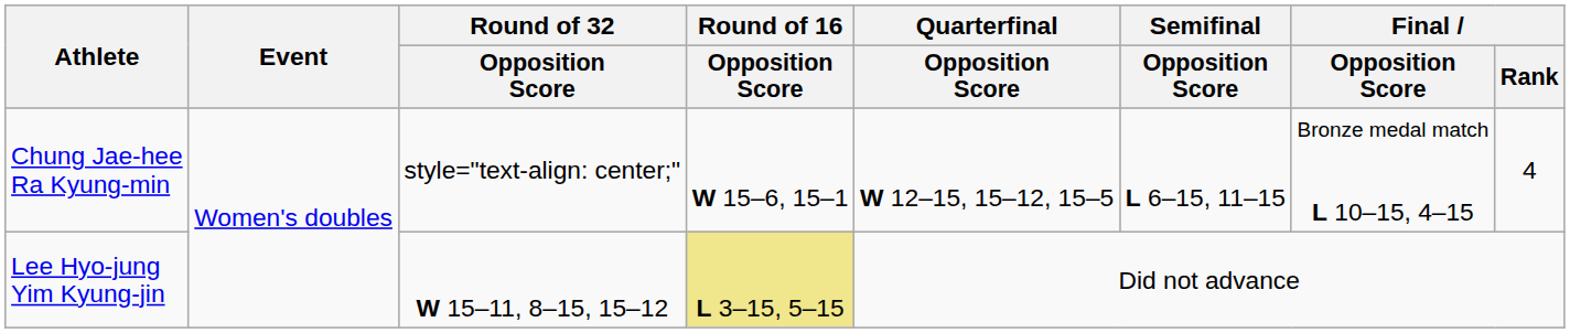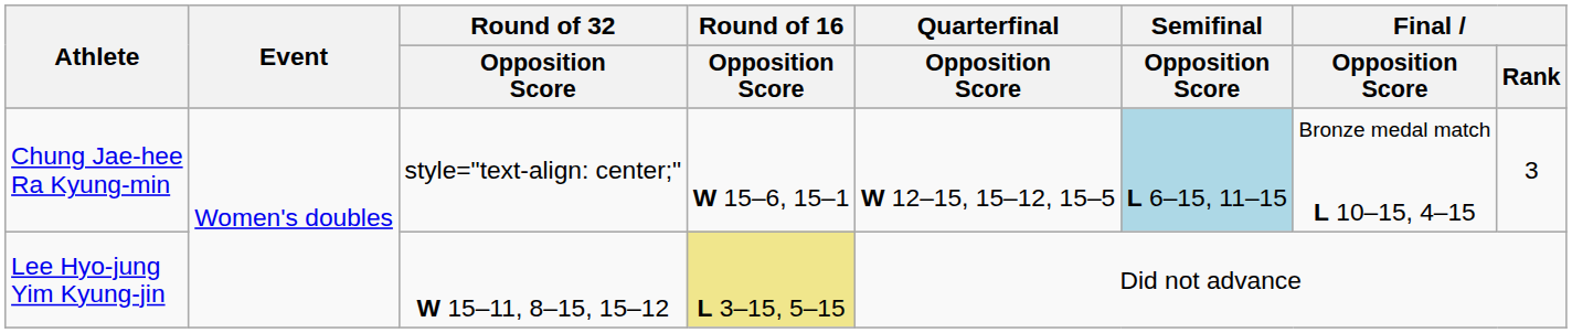 <table class=wikitable style="font-size:90%">
 <tr>
 <th rowspan="2">Athlete</th>
 <th rowspan="2">Event</th>
 <th>Round of 32</th>
 <th>Round of 16</th>
 <th>Quarterfinal</th>
 <th>Semifinal</th>
 <th colspan=2>Final / </th>
 </tr>
 <tr style="font-size:95%">
 <th>Opposition<br>Score</th>
 <th>Opposition<br>Score</th>
 <th>Opposition<br>Score</th>
 <th>Opposition<br>Score</th>
 <th>Opposition<br>Score</th>
 <th>Rank</th>
 </tr>
 <tr>
 <td style="text-align: left;"><a href='#'>Chung Jae-hee</a><br> <a href='#'>Ra Kyung-min</a></td>
 <td rowspan=2 style="text-align: left;"><a href='#'>Women's doubles</a></td>
 <td>style="text-align: center;" </td>
 <td style="text-align: center;"><br><br><strong>W</strong> 15–6, 15–1</td>
 <td style="text-align: center;"><br><br><strong>W</strong> 12–15, 15–12, 15–5</td>
-<td style="text-align: center;"><br><br><strong>L</strong> 6–15, 11–15</td>
+<td style="background: lightblue; text-align: center;"><br><br><strong>L</strong> 6–15, 11–15</td>
 <td style="text-align: center;"><small>Bronze medal match</small><br><br><br><strong>L</strong> 10–15, 4–15</td>
-<td style="text-align: center;">4</td>
+<td style="text-align: center;">3</td>
 </tr>
 <tr>
 <td style="text-align: left;"><a href='#'>Lee Hyo-jung</a><br> <a href='#'>Yim Kyung-jin</a></td>
 <td style="text-align: center;"><br><br><strong>W</strong> 15–11, 8–15, 15–12</td>
 <td style="background: khaki; text-align: center;"><br><br><strong>L</strong> 3–15, 5–15</td>
 <td colspan=4 style="text-align: center;">Did not advance</td>
 </tr>
 </table>
